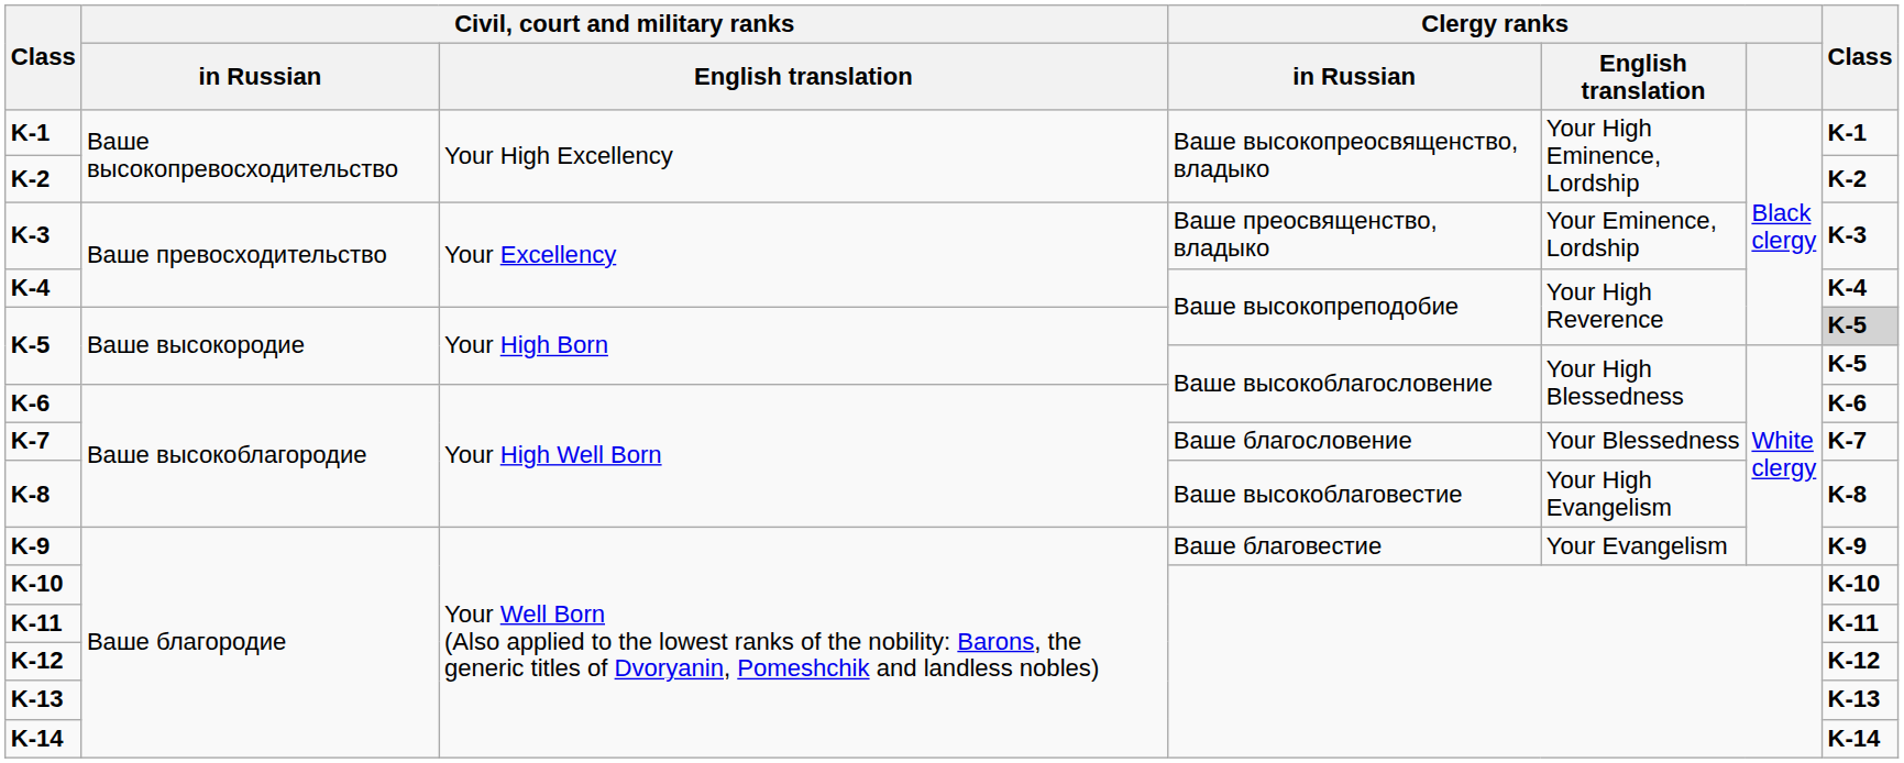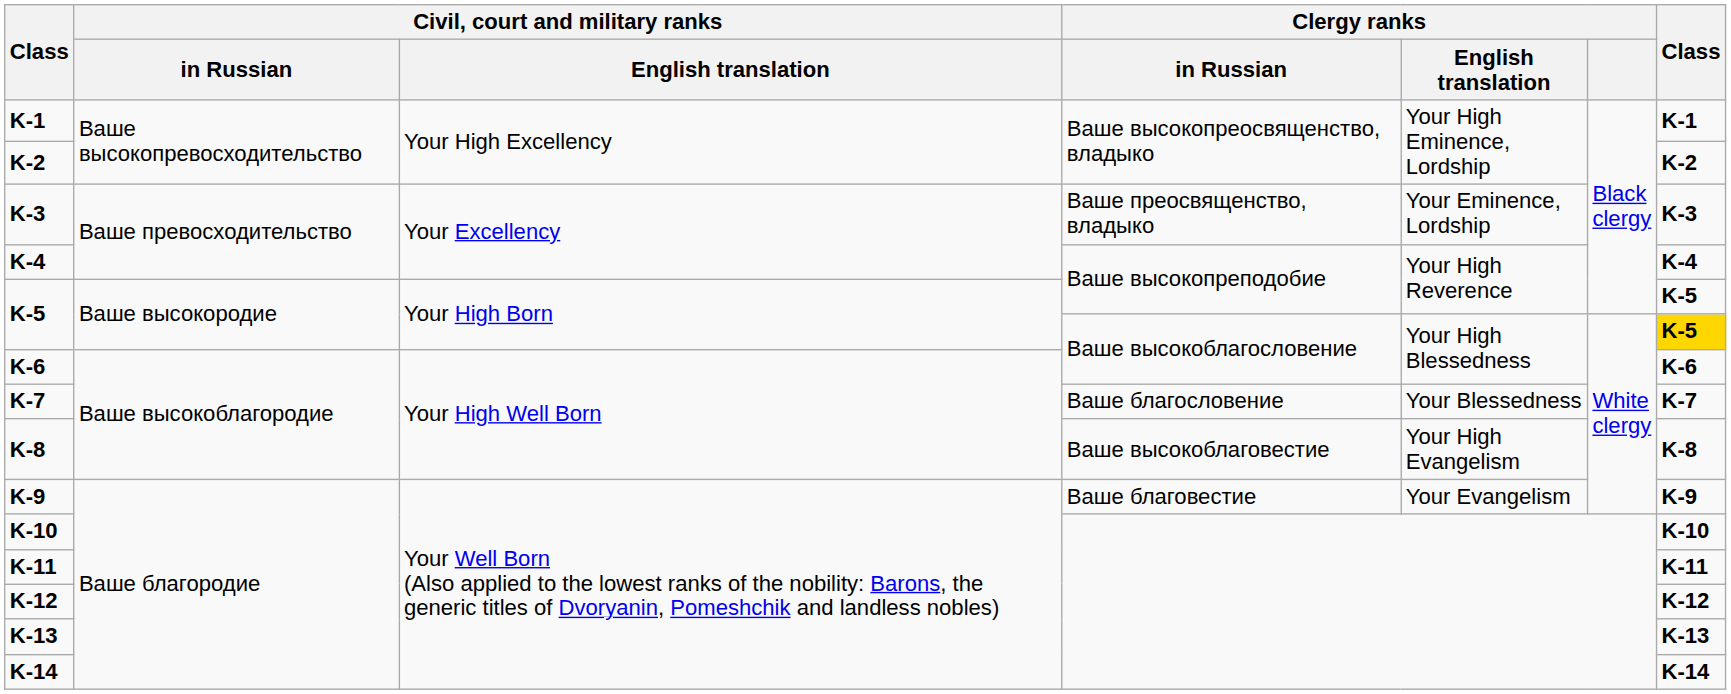 <table class="wikitable">
 <tr>
 <th rowspan="2">Class</th>
 <th colspan="2">Civil, court and military ranks</th>
 <th colspan="3">Clergy ranks</th>
 <th rowspan="2">Class</th>
 </tr>
 <tr>
 <th>in Russian</th>
 <th>English translation</th>
 <th>in Russian</th>
 <th>English translation</th>
 <th></th>
 </tr>
 <tr>
 <td><strong>K-1</strong></td>
 <td rowspan="2">Ваше высокопревосходительство</td>
 <td rowspan="2">Your High Excellency</td>
 <td rowspan="2">Ваше высокопреосвященство, владыко</td>
 <td rowspan="2">Your High Eminence,<br>Lordship</td>
 <td rowspan="5"><a href='#'>Black</a><br><a href='#'>clergy</a></td>
 <td><strong>K-1</strong></td>
 </tr>
 <tr>
 <td><strong>K-2</strong></td>
 <td><strong>K-2</strong></td>
 </tr>
 <tr>
 <td><strong>K-3</strong></td>
 <td rowspan="2">Ваше превосходительство</td>
 <td rowspan="2">Your <a href='#'>Excellency</a></td>
 <td>Ваше преосвященство, владыко</td>
 <td>Your Eminence,<br>Lordship</td>
 <td><strong>K-3</strong></td>
 </tr>
 <tr>
 <td><strong>K-4</strong></td>
 <td rowspan="2">Ваше высокопреподобие</td>
 <td rowspan="2">Your High Reverence</td>
 <td><strong>K-4</strong></td>
 </tr>
 <tr>
 <td rowspan="2"><strong>K-5</strong></td>
 <td rowspan="2">Ваше высокородие</td>
 <td rowspan="2">Your <a href='#'>High Born</a></td>
-<td style="background: lightgrey;"><strong>K-5</strong></td>
+<td><strong>K-5</strong></td>
 </tr>
 <tr>
 <td rowspan="2">Ваше высокоблагословение</td>
 <td rowspan="2">Your High Blessedness</td>
 <td rowspan="5"><a href='#'>White</a><br><a href='#'>clergy</a></td>
-<td><strong>K-5</strong></td>
+<td style="background: gold;"><strong>K-5</strong></td>
 </tr>
 <tr>
 <td><strong>K-6</strong></td>
 <td rowspan="3">Ваше высокоблагородие</td>
 <td rowspan="3">Your <a href='#'>High Well Born</a></td>
 <td><strong>K-6</strong></td>
 </tr>
 <tr>
 <td><strong>K-7</strong></td>
 <td>Ваше благословение</td>
 <td>Your Blessedness</td>
 <td><strong>K-7</strong></td>
 </tr>
 <tr>
 <td><strong>K-8</strong></td>
 <td>Ваше высокоблаговестие</td>
 <td>Your High Evangelism</td>
 <td><strong>K-8</strong></td>
 </tr>
 <tr>
 <td><strong>K-9</strong></td>
 <td rowspan="6">Ваше благородие</td>
 <td rowspan="6">Your <a href='#'>Well Born</a><br>(Also applied to the lowest ranks of the nobility: <a href='#'>Barons</a>, the generic titles of <a href='#'>Dvoryanin</a>, <a href='#'>Pomeshchik</a> and landless nobles)</td>
 <td>Ваше благовестие</td>
 <td>Your Evangelism</td>
 <td><strong>K-9</strong></td>
 </tr>
 <tr>
 <td><strong>K-10</strong></td>
 <td colspan="3" rowspan="5"></td>
 <td><strong>K-10</strong></td>
 </tr>
 <tr>
 <td><strong>K-11</strong></td>
 <td><strong>K-11</strong></td>
 </tr>
 <tr>
 <td><strong>K-12</strong></td>
 <td><strong>K-12</strong></td>
 </tr>
 <tr>
 <td><strong>K-13</strong></td>
 <td><strong>K-13</strong></td>
 </tr>
 <tr>
 <td><strong>K-14</strong></td>
 <td><strong>K-14</strong></td>
 </tr>
 </table>
